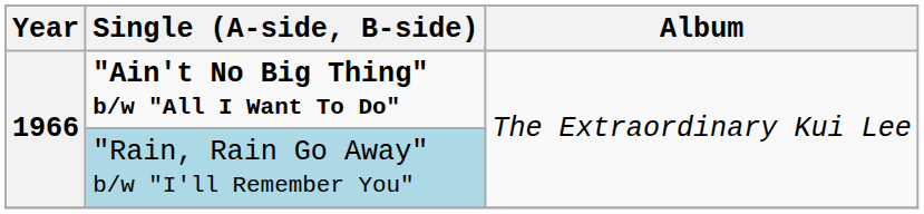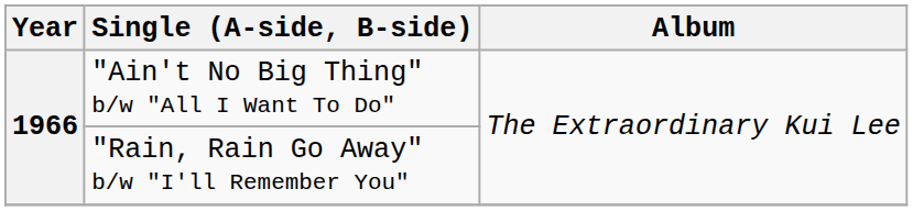 <table class="wikitable">
 <tr>
 <th>Year</th>
 <th>Single (A-side, B-side)</th>
 <th>Album</th>
 </tr>
 <tr>
 <th rowspan="2">1966</th>
-<td><strong>"Ain't No Big Thing"<br><small>b/w  "All I Want To Do"</small></strong></td>
+<td>"Ain't No Big Thing"<br><small>b/w  "All I Want To Do"</small></td>
 <td rowspan="2"><em>The Extraordinary Kui Lee</em></td>
 </tr>
 <tr>
-<td style="background: lightblue;">"Rain, Rain Go Away"<br><small>b/w  "I'll Remember You"</small></td>
+<td>"Rain, Rain Go Away"<br><small>b/w  "I'll Remember You"</small></td>
 </tr>
 <tr>
 </tr>
 </table>
